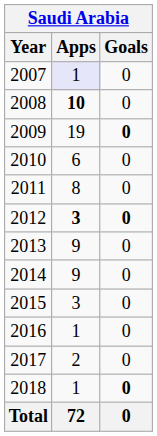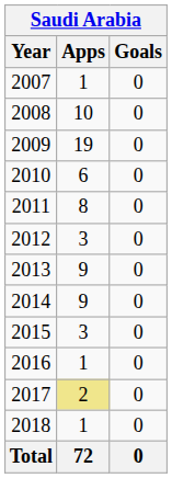 <table class="wikitable" style="text-align:center">
 <tr>
 <th colspan=3><a href='#'>Saudi Arabia</a></th>
 </tr>
 <tr>
 <th>Year</th>
 <th>Apps</th>
 <th>Goals</th>
 </tr>
 <tr>
 <td>2007</td>
-<td style="background: lavender;">1</td>
+<td>1</td>
 <td>0</td>
 </tr>
 <tr>
 <td>2008</td>
-<td><strong>10</strong></td>
+<td>10</td>
 <td>0</td>
 </tr>
 <tr>
 <td>2009</td>
 <td>19</td>
-<td><strong>0</strong></td>
+<td>0</td>
 </tr>
 <tr>
 <td>2010</td>
 <td>6</td>
 <td>0</td>
 </tr>
 <tr>
 <td>2011</td>
 <td>8</td>
 <td>0</td>
 </tr>
 <tr>
 <td>2012</td>
-<td><strong>3</strong></td>
-<td><strong>0</strong></td>
+<td>3</td>
+<td>0</td>
 </tr>
 <tr>
 <td>2013</td>
 <td>9</td>
 <td>0</td>
 </tr>
 <tr>
 <td>2014</td>
 <td>9</td>
 <td>0</td>
 </tr>
 <tr>
 <td>2015</td>
 <td>3</td>
 <td>0</td>
 </tr>
 <tr>
 <td>2016</td>
 <td>1</td>
 <td>0</td>
 </tr>
 <tr>
 <td>2017</td>
-<td>2</td>
+<td style="background: khaki;">2</td>
 <td>0</td>
 </tr>
 <tr>
 <td>2018</td>
 <td>1</td>
-<td><strong>0</strong></td>
+<td>0</td>
 </tr>
 <tr>
 <th>Total</th>
 <th>72</th>
 <th>0</th>
 </tr>
 </table>
